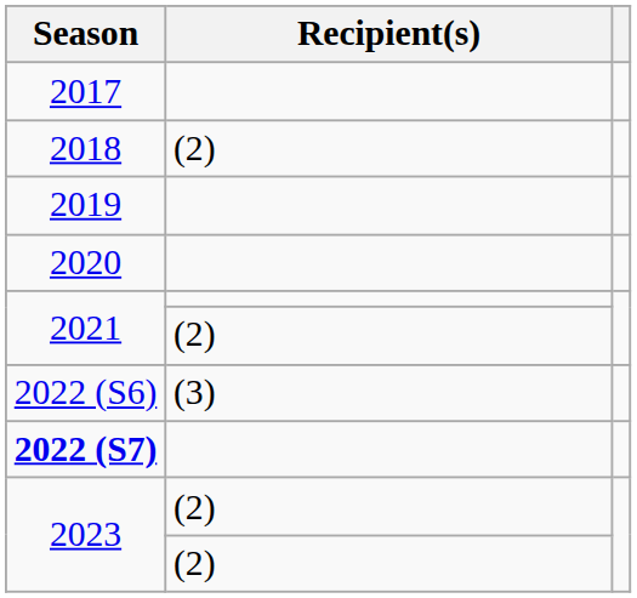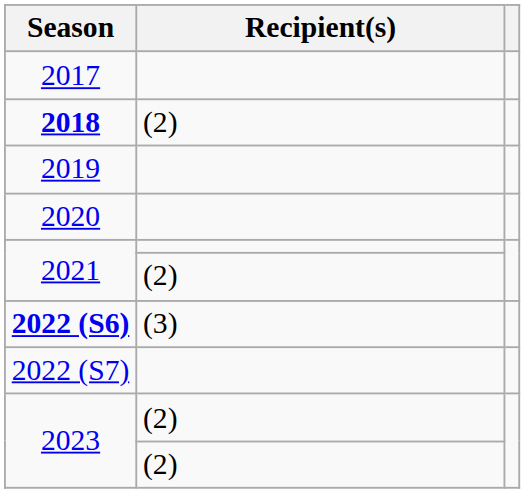 <table class="wikitable sortable" style=text-align:center>
 <tr>
 <th>Season</th>
 <th style=width:12em>Recipient(s)</th>
 <th class=unsortable></th>
 </tr>
 <tr>
 <td><a href='#'>2017</a></td>
 <td align=left></td>
 <td></td>
 </tr>
 <tr>
-<td><a href='#'>2018</a></td>
+<td><strong><a href='#'>2018</a></strong></td>
 <td align=left> (2)</td>
 <td></td>
 </tr>
 <tr>
 <td><a href='#'>2019</a></td>
 <td align=left><strong></strong></td>
 <td></td>
 </tr>
 <tr>
 <td><a href='#'>2020</a></td>
 <td align=left></td>
 <td></td>
 </tr>
 <tr>
 <td rowspan=2><a href='#'>2021</a></td>
 <td align=left><strong></strong></td>
 <td rowspan=2></td>
 </tr>
 <tr>
 <td align=left><strong></strong> (2)</td>
 </tr>
 <tr>
-<td><a href='#'>2022 (S6)</a></td>
+<td><strong><a href='#'>2022 (S6)</a></strong></td>
 <td align=left> (3)</td>
 <td></td>
 </tr>
 <tr>
-<td><strong><a href='#'>2022 (S7)</a></strong></td>
+<td><a href='#'>2022 (S7)</a></td>
 <td align=left><strong></strong></td>
 <td></td>
 </tr>
 <tr>
 <td rowspan=2><a href='#'>2023</a></td>
 <td align=left><strong></strong> (2)</td>
 <td rowspan=2></td>
 </tr>
 <tr>
 <td align=left><strong></strong> (2)</td>
 </tr>
 </table>
